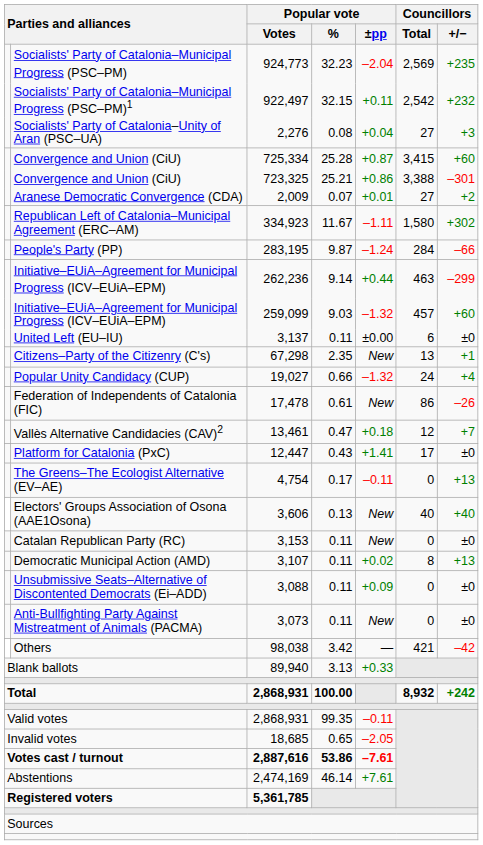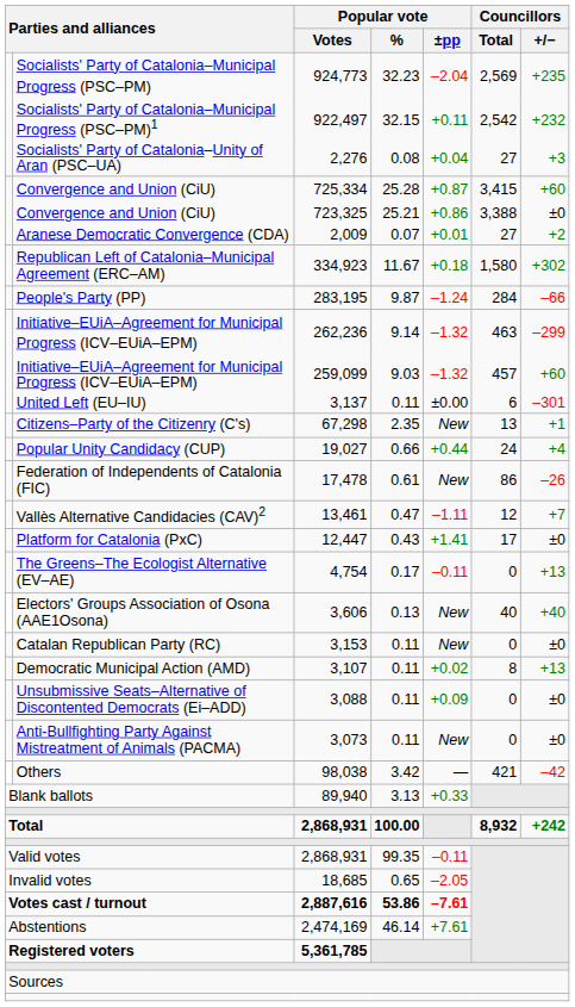 <table class="wikitable" style="text-align:right;">
 <tr>
 <th style="text-align:left;" rowspan="2" colspan="2" width="525">Parties and alliances</th>
 <th colspan="3">Popular vote</th>
 <th colspan="2">Councillors</th>
 </tr>
 <tr>
 <th width="75">Votes</th>
 <th width="45">%</th>
 <th width="45">±<a href='#'>pp</a></th>
 <th width="45">Total</th>
 <th width="45">+/−</th>
 </tr>
 <tr style="line-height:22px;">
 <td width="1" rowspan="3"></td>
 <td align="left"><a href='#'>Socialists' Party of Catalonia–Municipal Progress</a> (PSC–PM)</td>
 <td>924,773</td>
 <td>32.23</td>
 <td style="color:red;">–2.04</td>
 <td>2,569</td>
 <td style="color:green;">+235</td>
 </tr>
 <tr style="border-bottom-style:hidden; border-top-style:hidden; line-height:16px;">
 <td align="left"><span><a href='#'>Socialists' Party of Catalonia–Municipal Progress</a> (PSC–PM)<sup>1</sup></span></td>
 <td>922,497</td>
 <td>32.15</td>
 <td style="color:green;">+0.11</td>
 <td>2,542</td>
 <td style="color:green;">+232</td>
 </tr>
 <tr style="line-height:16px;">
 <td align="left"><span><a href='#'>Socialists' Party of Catalonia</a>–<a href='#'>Unity of Aran</a> (PSC–UA)</span></td>
 <td>2,276</td>
 <td>0.08</td>
 <td style="color:green;">+0.04</td>
 <td>27</td>
 <td style="color:green;">+3</td>
 </tr>
 <tr style="line-height:22px;">
 <td rowspan="3" style="color:inherit;background:"></td>
 <td align="left"><a href='#'>Convergence and Union</a> (CiU)</td>
 <td>725,334</td>
 <td>25.28</td>
 <td style="color:green;">+0.87</td>
 <td>3,415</td>
 <td style="color:green;">+60</td>
 </tr>
 <tr style="border-bottom-style:hidden; border-top-style:hidden; line-height:16px;">
 <td align="left"><span><a href='#'>Convergence and Union</a> (CiU)</span></td>
 <td>723,325</td>
 <td>25.21</td>
 <td style="color:green;">+0.86</td>
 <td>3,388</td>
-<td style="color:red;">–301</td>
+<td>±0</td>
 </tr>
 <tr style="line-height:16px;">
 <td align="left"><span><a href='#'>Aranese Democratic Convergence</a> (CDA)</span></td>
 <td>2,009</td>
 <td>0.07</td>
 <td style="color:green;">+0.01</td>
 <td>27</td>
 <td style="color:green;">+2</td>
 </tr>
 <tr>
 <td style="color:inherit;background:"></td>
 <td align="left"><a href='#'>Republican Left of Catalonia–Municipal Agreement</a> (ERC–AM)</td>
 <td>334,923</td>
 <td>11.67</td>
-<td style="color:red;">–1.11</td>
+<td style="color:green;">+0.18</td>
 <td>1,580</td>
 <td style="color:green;">+302</td>
 </tr>
 <tr>
 <td style="color:inherit;background:"></td>
 <td align="left"><a href='#'>People's Party</a> (PP)</td>
 <td>283,195</td>
 <td>9.87</td>
 <td style="color:red;">–1.24</td>
 <td>284</td>
 <td style="color:red;">–66</td>
 </tr>
 <tr style="line-height:22px;">
 <td rowspan="3" style="color:inherit;background:"></td>
 <td align="left"><a href='#'>Initiative–EUiA–Agreement for Municipal Progress</a> (ICV–EUiA–EPM)</td>
 <td>262,236</td>
 <td>9.14</td>
-<td style="color:green;">+0.44</td>
+<td style="color:red;">–1.32</td>
 <td>463</td>
 <td style="color:red;">–299</td>
 </tr>
 <tr style="border-bottom-style:hidden; border-top-style:hidden; line-height:16px;">
 <td align="left"><span><a href='#'>Initiative–EUiA–Agreement for Municipal Progress</a> (ICV–EUiA–EPM)</span></td>
 <td>259,099</td>
 <td>9.03</td>
 <td style="color:red;">–1.32</td>
 <td>457</td>
 <td style="color:green;">+60</td>
 </tr>
 <tr style="line-height:16px;">
 <td align="left"><span><a href='#'>United Left</a> (EU–IU)</span></td>
 <td>3,137</td>
 <td>0.11</td>
 <td>±0.00</td>
 <td>6</td>
-<td>±0</td>
+<td style="color:red;">–301</td>
 </tr>
 <tr>
 <td style="color:inherit;background:"></td>
 <td align="left"><a href='#'>Citizens–Party of the Citizenry</a> (C's)</td>
 <td>67,298</td>
 <td>2.35</td>
 <td><em>New</em></td>
 <td>13</td>
 <td style="color:green;">+1</td>
 </tr>
 <tr>
 <td style="color:inherit;background:"></td>
 <td align="left"><a href='#'>Popular Unity Candidacy</a> (CUP)</td>
 <td>19,027</td>
 <td>0.66</td>
-<td style="color:red;">–1.32</td>
+<td style="color:green;">+0.44</td>
 <td>24</td>
 <td style="color:green;">+4</td>
 </tr>
 <tr>
 <td style="color:inherit;background:"></td>
 <td align="left">Federation of Independents of Catalonia (FIC)</td>
 <td>17,478</td>
 <td>0.61</td>
 <td><em>New</em></td>
 <td>86</td>
 <td style="color:red;">–26</td>
 </tr>
 <tr>
 <td style="color:inherit;background:"></td>
 <td align="left">Vallès Alternative Candidacies (CAV)<sup>2</sup></td>
 <td>13,461</td>
 <td>0.47</td>
-<td style="color:green;">+0.18</td>
+<td style="color:red;">–1.11</td>
 <td>12</td>
 <td style="color:green;">+7</td>
 </tr>
 <tr>
 <td style="color:inherit;background:"></td>
 <td align="left"><a href='#'>Platform for Catalonia</a> (PxC)</td>
 <td>12,447</td>
 <td>0.43</td>
 <td style="color:green;">+1.41</td>
 <td>17</td>
 <td>±0</td>
 </tr>
 <tr>
 <td style="color:inherit;background:"></td>
 <td align="left"><a href='#'>The Greens–The Ecologist Alternative</a> (EV–AE)</td>
 <td>4,754</td>
 <td>0.17</td>
 <td style="color:red;">–0.11</td>
 <td>0</td>
 <td style="color:green;">+13</td>
 </tr>
 <tr>
 <td bgcolor="white"></td>
 <td align="left">Electors' Groups Association of Osona (AAE1Osona)</td>
 <td>3,606</td>
 <td>0.13</td>
 <td><em>New</em></td>
 <td>40</td>
 <td style="color:green;">+40</td>
 </tr>
 <tr>
 <td style="color:inherit;background:"></td>
 <td align="left">Catalan Republican Party (RC)</td>
 <td>3,153</td>
 <td>0.11</td>
 <td><em>New</em></td>
 <td>0</td>
 <td>±0</td>
 </tr>
 <tr>
 <td style="color:inherit;background:"></td>
 <td align="left">Democratic Municipal Action (AMD)</td>
 <td>3,107</td>
 <td>0.11</td>
 <td style="color:green;">+0.02</td>
 <td>8</td>
 <td style="color:green;">+13</td>
 </tr>
 <tr>
 <td style="color:inherit;background:"></td>
 <td align="left"><a href='#'>Unsubmissive Seats–Alternative of Discontented Democrats</a> (Ei–ADD)</td>
 <td>3,088</td>
 <td>0.11</td>
 <td style="color:green;">+0.09</td>
 <td>0</td>
 <td>±0</td>
 </tr>
 <tr>
 <td style="color:inherit;background:"></td>
 <td align="left"><a href='#'>Anti-Bullfighting Party Against Mistreatment of Animals</a> (PACMA)</td>
 <td>3,073</td>
 <td>0.11</td>
 <td><em>New</em></td>
 <td>0</td>
 <td>±0</td>
 </tr>
 <tr>
 <td bgcolor="white"></td>
 <td align="left">Others</td>
 <td>98,038</td>
 <td>3.42</td>
 <td>—</td>
 <td>421</td>
 <td style="color:red;">–42</td>
 </tr>
 <tr>
 <td align="left" colspan="2">Blank ballots</td>
 <td>89,940</td>
 <td>3.13</td>
 <td style="color:green;">+0.33</td>
 <td style="color:inherit;background:#E9E9E9" colspan="2"></td>
 </tr>
 <tr>
 <td colspan="7" style="color:inherit;background:#E9E9E9"></td>
 </tr>
 <tr style="font-weight:bold;">
 <td align="left" colspan="2">Total</td>
 <td>2,868,931</td>
 <td>100.00</td>
 <td bgcolor="#E9E9E9"></td>
 <td>8,932</td>
 <td style="color:green;">+242</td>
 </tr>
 <tr>
 <td colspan="7" style="color:inherit;background:#E9E9E9"></td>
 </tr>
 <tr>
 <td align="left" colspan="2">Valid votes</td>
 <td>2,868,931</td>
 <td>99.35</td>
 <td style="color:red;">–0.11</td>
 <td bgcolor="#E9E9E9" colspan="2" rowspan="5"></td>
 </tr>
 <tr>
 <td align="left" colspan="2">Invalid votes</td>
 <td>18,685</td>
 <td>0.65</td>
 <td style="color:red;">–2.05</td>
 </tr>
 <tr style="font-weight:bold;">
 <td align="left" colspan="2">Votes cast / turnout</td>
 <td>2,887,616</td>
 <td>53.86</td>
 <td style="color:red;">–7.61</td>
 </tr>
 <tr>
 <td align="left" colspan="2">Abstentions</td>
 <td>2,474,169</td>
 <td>46.14</td>
 <td style="color:green;">+7.61</td>
 </tr>
 <tr style="font-weight:bold;">
 <td align="left" colspan="2">Registered voters</td>
 <td>5,361,785</td>
 <td bgcolor="#E9E9E9" colspan="2"></td>
 </tr>
 <tr>
 <td colspan="7" style="color:inherit;background:#E9E9E9"></td>
 </tr>
 <tr>
 <td align="left" colspan="7">Sources</td>
 </tr>
 <tr>
 <td colspan="7" style="text-align:left; max-width:790px;"></td>
 </tr>
 </table>
